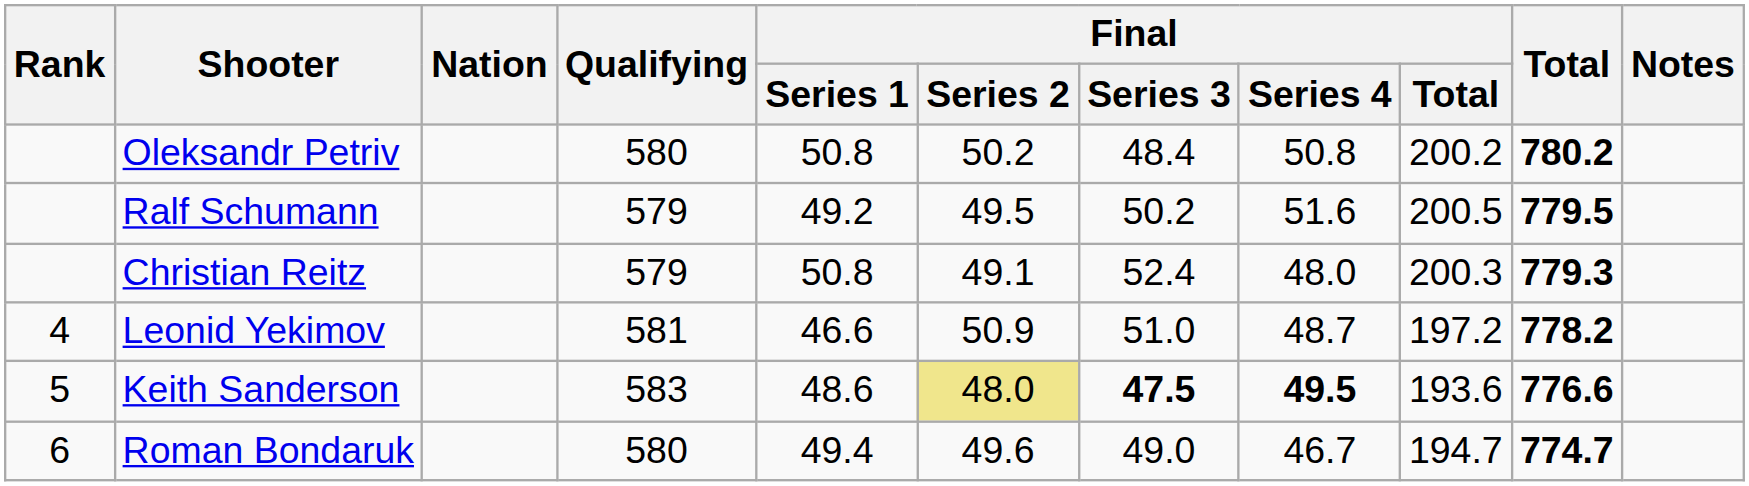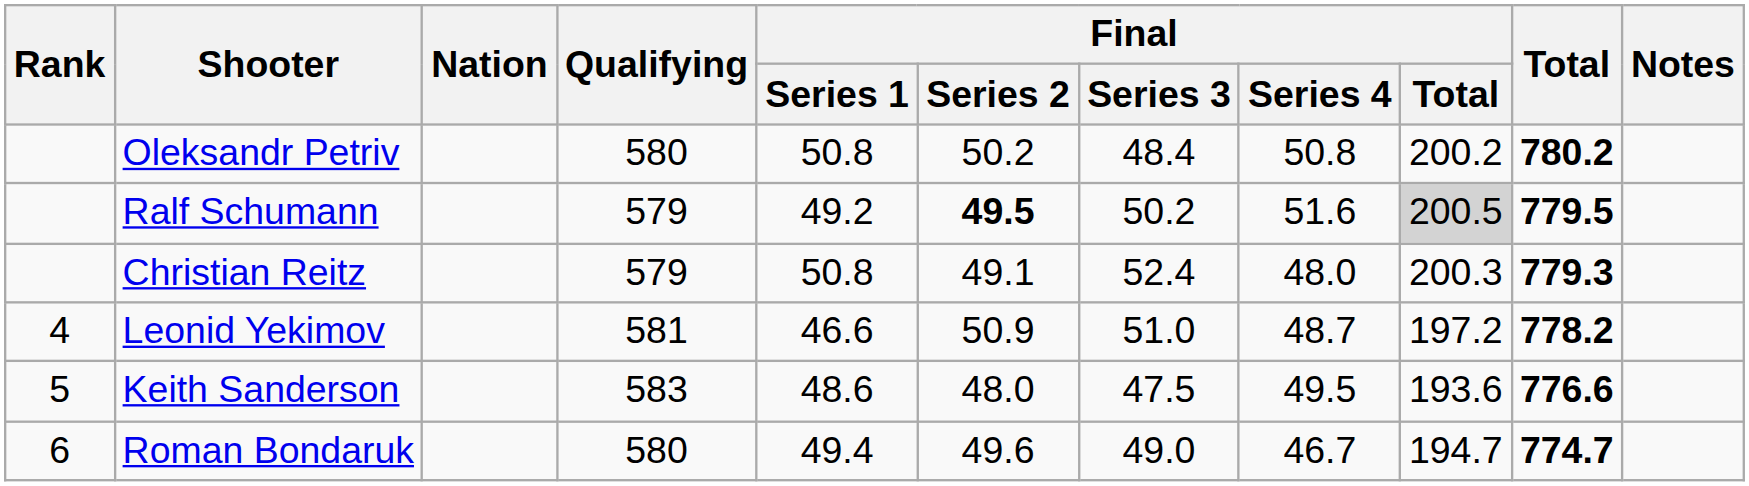 <table class="wikitable sortable" style="text-align:center">
 <tr>
 <th rowspan=2>Rank</th>
 <th rowspan=2>Shooter</th>
 <th rowspan=2>Nation</th>
 <th rowspan=2>Qualifying</th>
 <th colspan=5>Final</th>
 <th rowspan=2>Total</th>
 <th rowspan=2>Notes</th>
 </tr>
 <tr>
 <th>Series 1</th>
 <th>Series 2</th>
 <th>Series 3</th>
 <th>Series 4</th>
 <th>Total</th>
 </tr>
 <tr>
 <td></td>
 <td align=left><a href='#'>Oleksandr Petriv</a></td>
 <td align=left></td>
 <td>580</td>
 <td>50.8</td>
 <td>50.2</td>
 <td>48.4</td>
 <td>50.8</td>
 <td>200.2</td>
 <td><strong>780.2</strong></td>
 <td></td>
 </tr>
 <tr>
 <td></td>
 <td align=left><a href='#'>Ralf Schumann</a></td>
 <td align=left></td>
 <td>579</td>
 <td>49.2</td>
-<td>49.5</td>
+<td><strong>49.5</strong></td>
 <td>50.2</td>
 <td>51.6</td>
-<td>200.5</td>
+<td style="background: lightgrey;">200.5</td>
 <td><strong>779.5</strong></td>
 <td></td>
 </tr>
 <tr>
 <td></td>
 <td align=left><a href='#'>Christian Reitz</a></td>
 <td align=left></td>
 <td>579</td>
 <td>50.8</td>
 <td>49.1</td>
 <td>52.4</td>
 <td>48.0</td>
 <td>200.3</td>
 <td><strong>779.3</strong></td>
 <td></td>
 </tr>
 <tr>
 <td>4</td>
 <td align=left><a href='#'>Leonid Yekimov</a></td>
 <td align=left></td>
 <td>581</td>
 <td>46.6</td>
 <td>50.9</td>
 <td>51.0</td>
 <td>48.7</td>
 <td>197.2</td>
 <td><strong>778.2</strong></td>
 <td></td>
 </tr>
 <tr>
 <td>5</td>
 <td align=left><a href='#'>Keith Sanderson</a></td>
 <td align=left></td>
 <td>583</td>
 <td>48.6</td>
-<td style="background: khaki;">48.0</td>
-<td><strong>47.5</strong></td>
-<td><strong>49.5</strong></td>
+<td>48.0</td>
+<td>47.5</td>
+<td>49.5</td>
 <td>193.6</td>
 <td><strong>776.6</strong></td>
 <td></td>
 </tr>
 <tr>
 <td>6</td>
 <td align=left><a href='#'>Roman Bondaruk</a></td>
 <td align=left></td>
 <td>580</td>
 <td>49.4</td>
 <td>49.6</td>
 <td>49.0</td>
 <td>46.7</td>
 <td>194.7</td>
 <td><strong>774.7</strong></td>
 <td></td>
 </tr>
 </table>
